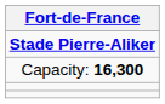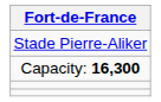 <table class="wikitable" style="margin:1em auto; text-align:center">
 <tr>
 <th> <a href='#'>Fort-de-France</a></th>
 </tr>
 <tr>
-<td><strong><a href='#'>Stade Pierre-Aliker</a></strong></td>
+<td><a href='#'>Stade Pierre-Aliker</a></td>
 </tr>
 <tr>
 <td>Capacity: <strong>16,300</strong></td>
 </tr>
 <tr>
 <td></td>
 </tr>
 <tr>
 <td></td>
 </tr>
 </table>
